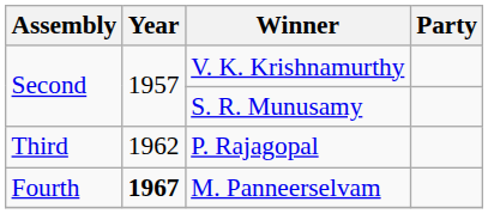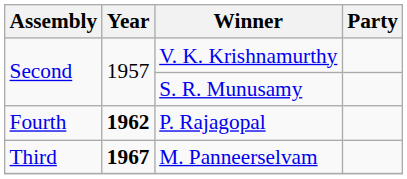 <table class="wikitable sortable">
 <tr>
 <th>Assembly</th>
 <th>Year</th>
 <th>Winner</th>
 <th colspan="2">Party</th>
 </tr>
 <tr>
 <td rowspan=2><a href='#'>Second</a></td>
 <td rowspan=2>1957</td>
 <td><a href='#'>V. K. Krishnamurthy</a></td>
 <td></td>
 </tr>
 <tr>
 <td><a href='#'>S. R. Munusamy</a></td>
 <td></td>
 </tr>
 <tr>
-<td><a href='#'>Third</a></td>
-<td>1962</td>
+<td><a href='#'>Fourth</a></td>
+<td><strong>1962</strong></td>
 <td><a href='#'>P. Rajagopal</a></td>
 <td></td>
 </tr>
 <tr>
-<td><a href='#'>Fourth</a></td>
+<td><a href='#'>Third</a></td>
 <td><strong>1967</strong></td>
 <td><a href='#'>M. Panneerselvam</a></td>
 <td></td>
 </tr>
 <tr>
 </tr>
 </table>
